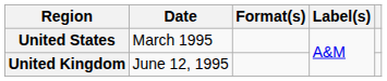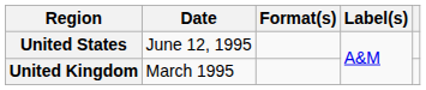 <table class="wikitable plainrowheaders">
 <tr>
 <th scope="col">Region</th>
 <th scope="col">Date</th>
 <th scope="col">Format(s)</th>
 <th scope="col">Label(s)</th>
 <th scope="col"></th>
 </tr>
 <tr>
 <th scope="row">United States</th>
-<td>March 1995</td>
+<td>June 12, 1995</td>
 <td></td>
 <td rowspan="2"><a href='#'>A&M</a></td>
 <td></td>
 </tr>
 <tr>
 <th scope="row">United Kingdom</th>
-<td>June 12, 1995</td>
+<td>March 1995</td>
 <td></td>
 <td></td>
 </tr>
 </table>
